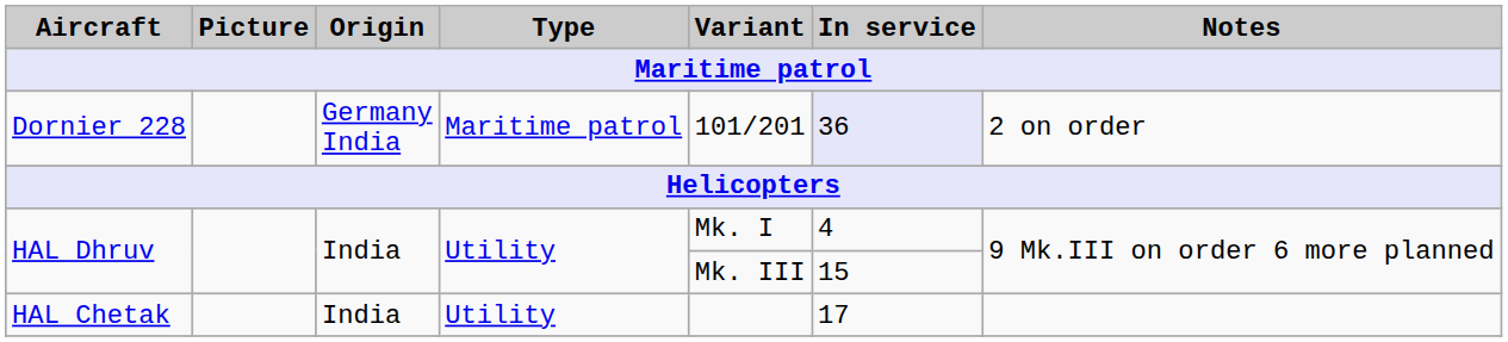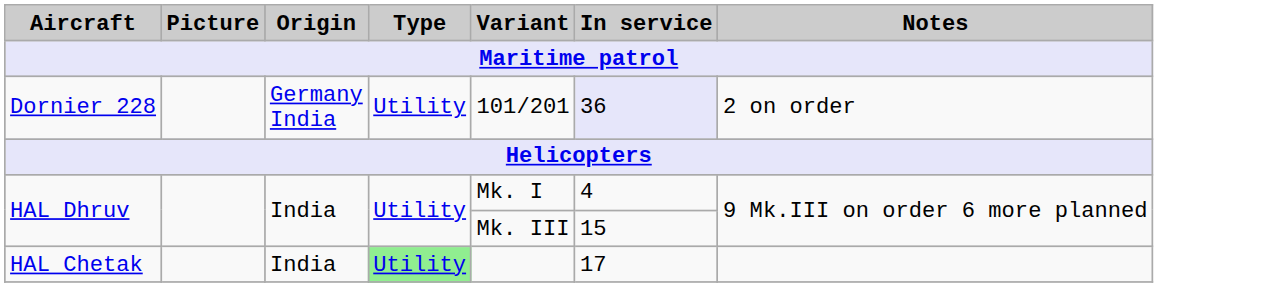 <table class="wikitable sortable">
 <tr>
 <th style="text-align:center; background:#ccc;">Aircraft</th>
 <th style="text-align:center; background:#ccc;">Picture</th>
 <th style="text-align:center; background:#ccc;">Origin</th>
 <th style="text-align:center; background:#ccc;">Type</th>
 <th style="text-align:center; background:#ccc;">Variant</th>
 <th style="text-align:center; background:#ccc;">In service</th>
 <th style="text-align:center; background:#ccc;">Notes</th>
 </tr>
 <tr>
 <th style="align: center; background: lavender;" colspan="7"><a href='#'>Maritime patrol</a></th>
 </tr>
 <tr>
 <td><a href='#'>Dornier 228</a></td>
 <td></td>
 <td><a href='#'>Germany</a><br><a href='#'>India</a></td>
-<td><a href='#'>Maritime patrol</a></td>
+<td><a href='#'>Utility</a></td>
 <td>101/201</td>
 <td style="background: lavender;">36</td>
 <td>2 on order</td>
 </tr>
 <tr>
 <th style="align: center; background: lavender;" colspan="7"><a href='#'>Helicopters</a></th>
 </tr>
 <tr>
 <td rowspan='2'><a href='#'>HAL Dhruv</a></td>
 <td rowspan='2'></td>
 <td rowspan='2'>India</td>
 <td rowspan='2'><a href='#'>Utility</a></td>
 <td>Mk. I</td>
 <td>4</td>
 <td rowspan='2'>9 Mk.III on order 6 more planned</td>
 </tr>
 <tr>
 <td>Mk. III</td>
 <td>15</td>
 </tr>
 <tr>
 <td><a href='#'>HAL Chetak</a></td>
 <td></td>
 <td>India</td>
-<td><a href='#'>Utility</a></td>
+<td style="background: lightgreen;"><a href='#'>Utility</a></td>
 <td></td>
 <td>17</td>
 <td></td>
 </tr>
 </table>
